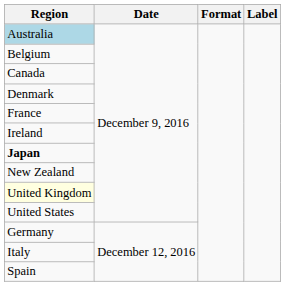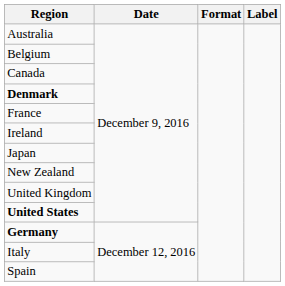 <table class="wikitable">
 <tr>
 <th>Region</th>
 <th>Date</th>
 <th>Format</th>
 <th>Label</th>
 </tr>
 <tr>
-<td style="background: lightblue;">Australia</td>
+<td>Australia</td>
 <td rowspan="10">December 9, 2016</td>
 <td rowspan="13"></td>
 <td rowspan="13"></td>
 </tr>
 <tr>
 <td>Belgium</td>
 </tr>
 <tr>
 <td>Canada</td>
 </tr>
 <tr>
-<td>Denmark</td>
+<td><strong>Denmark</strong></td>
 </tr>
 <tr>
 <td>France</td>
 </tr>
 <tr>
 <td>Ireland</td>
 </tr>
 <tr>
-<td><strong>Japan</strong></td>
+<td>Japan</td>
 </tr>
 <tr>
 <td>New Zealand</td>
 </tr>
 <tr>
-<td style="background: lightyellow;">United Kingdom</td>
+<td>United Kingdom</td>
 </tr>
 <tr>
-<td>United States</td>
+<td><strong>United States</strong></td>
 </tr>
 <tr>
-<td>Germany</td>
+<td><strong>Germany</strong></td>
 <td rowspan="3">December 12, 2016</td>
 </tr>
 <tr>
 <td>Italy</td>
 </tr>
 <tr>
 <td>Spain</td>
 </tr>
 </table>
